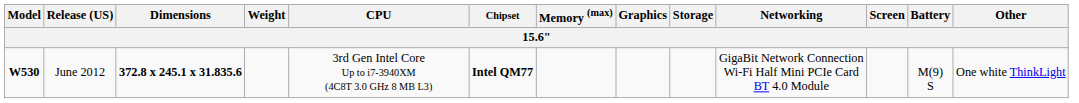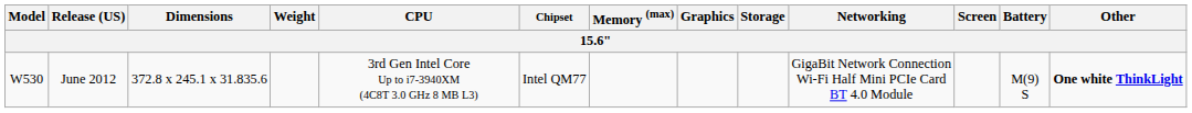 <table class="wikitable" style="font-size: 80%; text-align: center; min-width: 80%;">
 <tr>
 <th>Model</th>
 <th>Release (US)</th>
 <th>Dimensions</th>
 <th>Weight</th>
 <th style="width:17%">CPU</th>
 <th><small>Chipset</small></th>
 <th>Memory <sup>(max)</sup></th>
 <th>Graphics</th>
 <th>Storage</th>
 <th>Networking</th>
 <th>Screen</th>
 <th>Battery</th>
 <th>Other</th>
 </tr>
 <tr>
 <th colspan=13>15.6"</th>
 </tr>
 <tr>
-<td><strong>W530</strong></td>
+<td>W530</td>
 <td>June 2012</td>
-<td><strong>372.8 x 245.1 x 31.835.6</strong></td>
+<td>372.8 x 245.1 x 31.835.6</td>
 <td></td>
 <td style="background:">3rd Gen Intel Core<br><small>Up to i7-3940XM <br>(4C8T 3.0 GHz 8 MB L3)</small></td>
-<td><strong>Intel QM77</strong></td>
+<td>Intel QM77</td>
 <td></td>
 <td></td>
 <td></td>
 <td>GigaBit Network Connection<br>Wi-Fi Half Mini PCIe Card<br><a href='#'>BT</a> 4.0 Module<br><small></small></td>
 <td></td>
 <td style="background:"><br>M(9)<br>S</td>
-<td>One white <a href='#'>ThinkLight</a></td>
+<td><strong>One white <a href='#'>ThinkLight</a></strong></td>
 </tr>
 </table>
